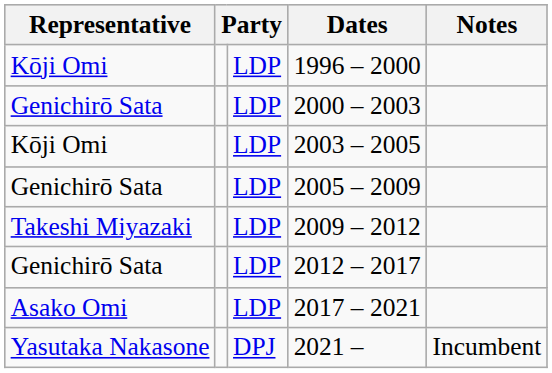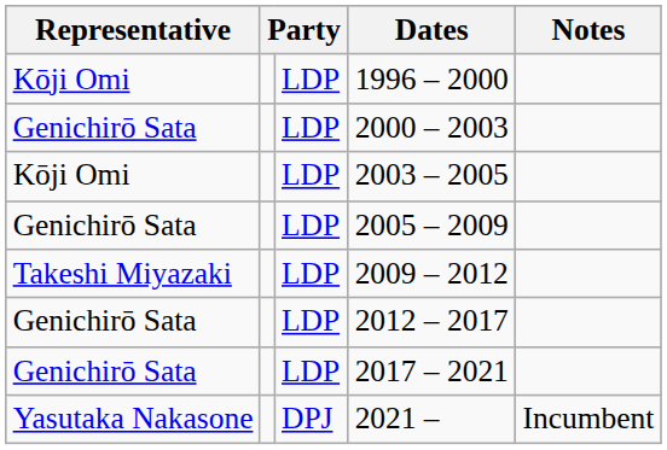 <table class="wikitable">
 <tr valign="bottom">
 <th>Representative</th>
 <th colspan="2">Party</th>
 <th>Dates</th>
 <th>Notes</th>
 </tr>
 <tr>
 <td><a href='#'>Kōji Omi</a></td>
 <td></td>
 <td><a href='#'>LDP</a></td>
 <td>1996 – 2000</td>
 <td></td>
 </tr>
 <tr>
 <td><a href='#'>Genichirō Sata</a></td>
 <td></td>
 <td><a href='#'>LDP</a></td>
 <td>2000 – 2003</td>
 <td></td>
 </tr>
 <tr>
 <td>Kōji Omi</td>
 <td></td>
 <td><a href='#'>LDP</a></td>
 <td>2003 – 2005</td>
 <td></td>
 </tr>
 <tr>
 <td>Genichirō Sata</td>
 <td></td>
 <td><a href='#'>LDP</a></td>
 <td>2005 – 2009</td>
 <td></td>
 </tr>
 <tr>
 <td><a href='#'>Takeshi Miyazaki</a></td>
 <td></td>
 <td><a href='#'>LDP</a></td>
 <td>2009 – 2012</td>
 <td></td>
 </tr>
 <tr>
 <td>Genichirō Sata</td>
 <td></td>
 <td><a href='#'>LDP</a></td>
 <td>2012 – 2017</td>
 <td></td>
 </tr>
 <tr>
-<td><a href='#'>Asako Omi</a></td>
+<td><a href='#'>Genichirō Sata</a></td>
 <td></td>
 <td><a href='#'>LDP</a></td>
 <td>2017 – 2021</td>
 <td></td>
 </tr>
 <tr>
 <td><a href='#'>Yasutaka Nakasone</a></td>
 <td></td>
 <td><a href='#'>DPJ</a></td>
 <td>2021 –</td>
 <td>Incumbent</td>
 </tr>
 </table>
